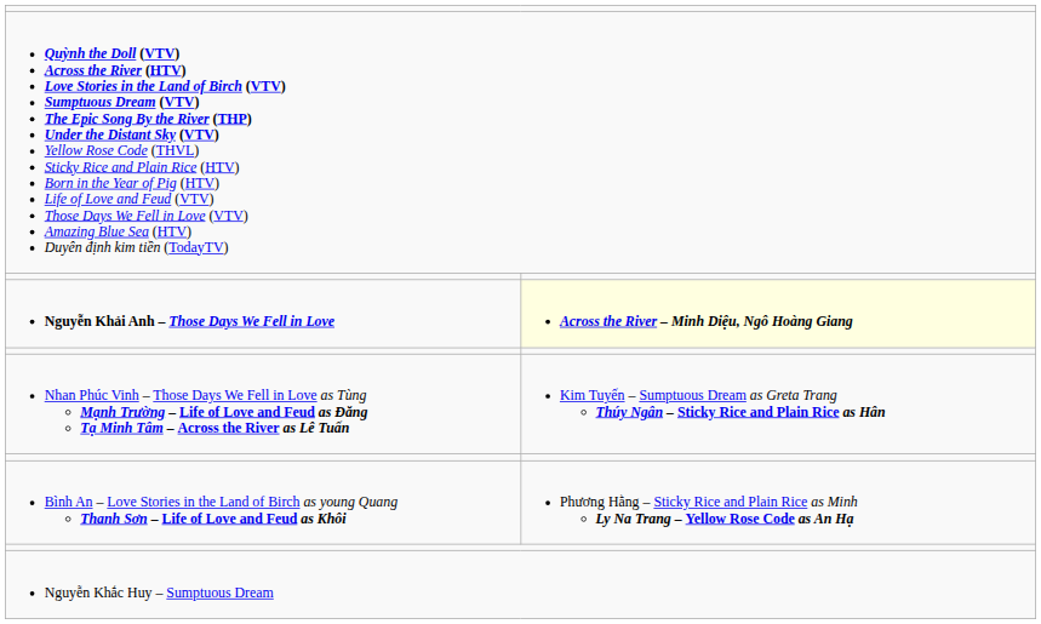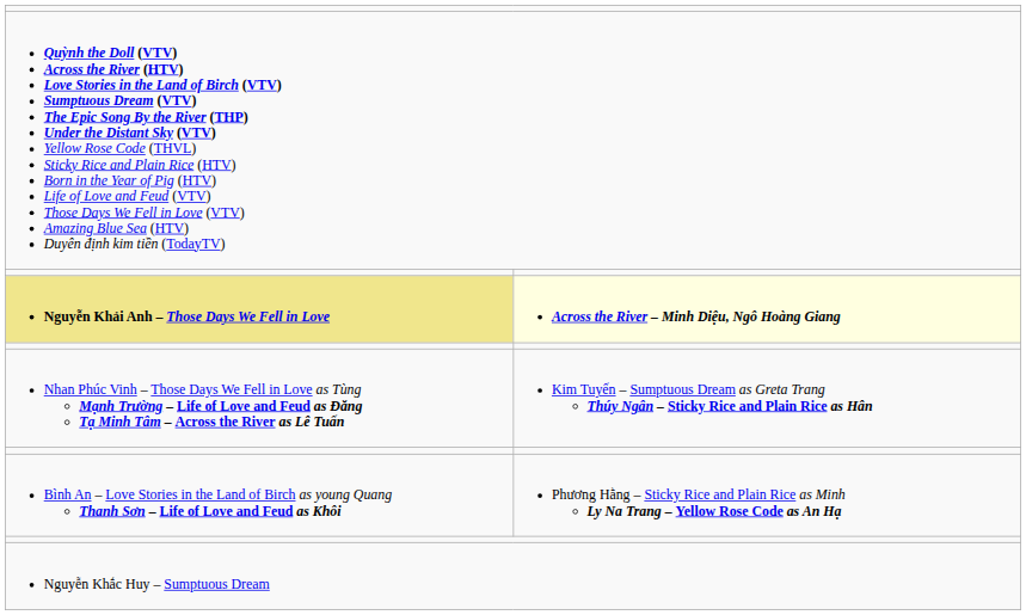 <table class="wikitable" align="center" style="width:91%">
 <tr>
 <td colspan="2" style="vertical-align:top; width:100%;"></td>
 </tr>
 <tr>
 <td colspan="2" valign="top"><br><ul><li><strong><em><span><a href='#'>Quỳnh the Doll</a></span></em></strong> <strong>(<a href='#'>VTV</a>)</strong> </li><li><strong><em><span><a href='#'>Across the River</a></span></em></strong> <strong>(<a href='#'>HTV</a>)</strong> </li><li><strong><em><span><a href='#'>Love Stories in the Land of Birch</a></span></em></strong> <strong>(<a href='#'>VTV</a>)</strong> </li><li><strong><em><span><a href='#'>Sumptuous Dream</a></span></em></strong> <strong>(<a href='#'>VTV</a>)</strong></li><li><strong><em><span><a href='#'>The Epic Song By the River</a></span></em></strong> <strong>(<a href='#'>THP</a>)</strong></li><li><strong><em><span><a href='#'>Under the Distant Sky</a></span></em></strong> <strong>(<a href='#'>VTV</a>)</strong></li><li><em><a href='#'>Yellow Rose Code</a></em> (<a href='#'>THVL</a>)</li><li><em><a href='#'>Sticky Rice and Plain Rice</a></em> (<a href='#'>HTV</a>)</li><li><em><a href='#'>Born in the Year of Pig</a></em> (<a href='#'>HTV</a>)</li><li><em><a href='#'>Life of Love and Feud</a></em> (<a href='#'>VTV</a>)</li><li><em><a href='#'>Those Days We Fell in Love</a></em> (<a href='#'>VTV</a>)</li><li><em><a href='#'>Amazing Blue Sea</a></em> (<a href='#'>HTV</a>)</li><li><em>Duyên định kim tiền</em> (<a href='#'>TodayTV</a>)</li></ul></td>
 </tr>
 <tr>
 <td style="vertical-align:top; width:50%;"></td>
 <td style="vertical-align:top; width:50%;"></td>
 </tr>
 <tr>
-<td valign="top"><br><ul><li><strong>Nguyễn Khải Anh – <em><a href='#'>Those Days We Fell in Love</a></em> </strong></li></ul></td>
+<td valign="top" style="background: khaki;"><br><ul><li><strong>Nguyễn Khải Anh – <em><a href='#'>Those Days We Fell in Love</a></em> </strong></li></ul></td>
 <td valign="top" style="background: lightyellow;"><br><ul><li><strong><em><a href='#'>Across the River</a><em> – Minh Diệu, Ngô Hoàng Giang <strong></li></ul></td>
 </tr>
 <tr>
 <td style="vertical-align:top; width:50%;"></td>
 <td style="vertical-align:top; width:50%;"></td>
 </tr>
 <tr>
 <td valign="top"><br><ul><li></strong><a href='#'>Nhan Phúc Vinh</a> – </em><a href='#'>Those Days We Fell in Love</a><em> as Tùng <strong><ul><li><a href='#'>Mạnh Trường</a> – </em><a href='#'>Life of Love and Feud</a><em> as Đăng</li><li><a href='#'>Tạ Minh Tâm</a> – </em><a href='#'>Across the River</a><em> as Lê Tuấn</li></ul></li></ul></td>
 <td valign="top"><br><ul><li></strong><a href='#'>Kim Tuyến</a> – </em><a href='#'>Sumptuous Dream</a><em> as Greta Trang <strong><ul><li><a href='#'>Thúy Ngân</a> – </em><a href='#'>Sticky Rice and Plain Rice</a><em> as Hân</li></ul></li></ul></td>
 </tr>
 <tr>
 <td style="vertical-align:top; width:50%;"></td>
 <td style="vertical-align:top; width:50%;"></td>
 </tr>
 <tr>
 <td valign="top"><br><ul><li></strong><a href='#'>Bình An</a> – </em><a href='#'>Love Stories in the Land of Birch</a><em> as young Quang<strong><ul><li><a href='#'>Thanh Sơn</a> – </em><a href='#'>Life of Love and Feud</a><em> as Khôi</li></ul></li></ul></td>
 <td valign="top"><br><ul><li></strong>Phương Hằng – </em><a href='#'>Sticky Rice and Plain Rice</a><em> as Minh <strong><ul><li>Ly Na Trang – </em><a href='#'>Yellow Rose Code</a><em> as An Hạ</li></ul></li></ul></td>
 </tr>
 <tr>
 <td colspan="2" style="vertical-align:top; width:100%;"></td>
 </tr>
 <tr>
 <td colspan="2" valign="top"><br><ul><li></strong> Nguyễn Khắc Huy – </em><a href='#'>Sumptuous Dream</a><em> <strong></li></ul></td>
 </tr>
 </table>
